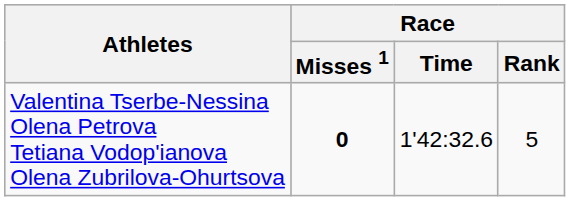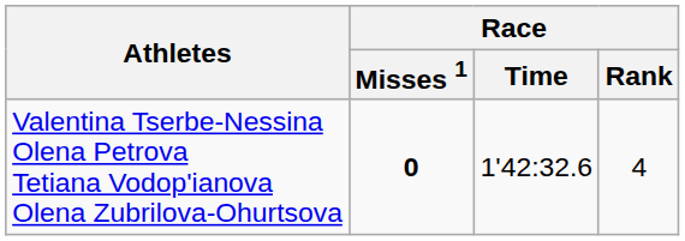 <table class="wikitable" border="1" style="font-size:90%">
 <tr>
 <th rowspan=2>Athletes</th>
 <th colspan=3>Race</th>
 </tr>
 <tr>
 <th>Misses <sup>1</sup></th>
 <th>Time</th>
 <th>Rank</th>
 </tr>
 <tr>
 <td><a href='#'>Valentina Tserbe-Nessina</a><br><a href='#'>Olena Petrova</a><br><a href='#'>Tetiana Vodop'ianova</a><br><a href='#'>Olena Zubrilova-Ohurtsova</a></td>
 <td align=center><strong>0</strong></td>
 <td align=center>1'42:32.6</td>
-<td align=center>5</td>
+<td align=center>4</td>
 </tr>
 </table>
